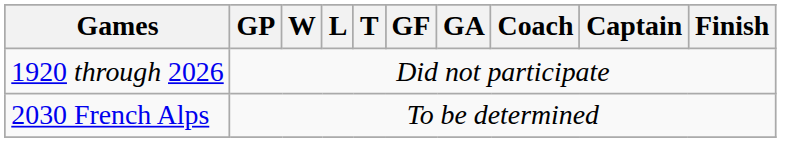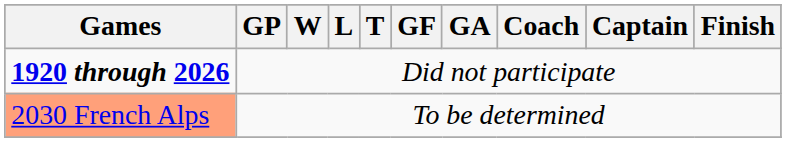 <table class="wikitable sortable" style="text-align:center;">
 <tr>
 <th>Games</th>
 <th>GP</th>
 <th>W</th>
 <th>L</th>
 <th>T</th>
 <th>GF</th>
 <th>GA</th>
 <th>Coach</th>
 <th>Captain</th>
 <th>Finish</th>
 </tr>
 <tr>
-<td><a href='#'>1920</a> <em>through</em> <a href='#'>2026</a></td>
+<td><strong><a href='#'>1920</a> <em>through</em> <a href='#'>2026</a></strong></td>
 <td colspan=9 rowspan=1><em>Did not participate</em></td>
 </tr>
 <tr>
-<td align=left> <a href='#'>2030 French Alps</a></td>
+<td align=left style="background: lightsalmon;"> <a href='#'>2030 French Alps</a></td>
 <td colspan=9><em>To be determined</em></td>
 </tr>
 </table>
